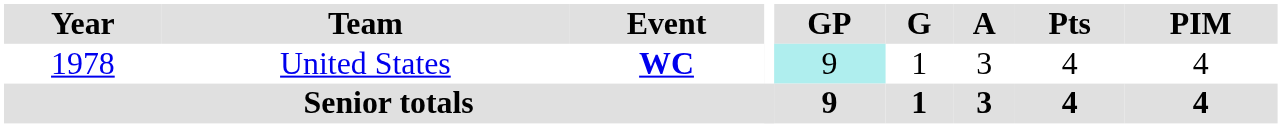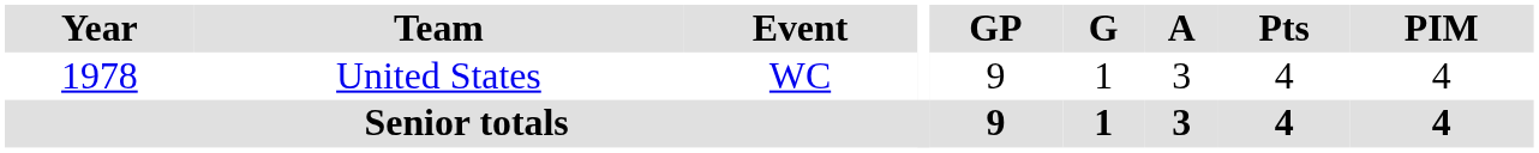 <table border="0" cellpadding="1" cellspacing="0" ID="Table3" style="text-align:center; width:40em">
 <tr bgcolor="#e0e0e0">
 <th>Year</th>
 <th>Team</th>
 <th>Event</th>
 <th rowspan="102" bgcolor="#ffffff"></th>
 <th>GP</th>
 <th>G</th>
 <th>A</th>
 <th>Pts</th>
 <th>PIM</th>
 </tr>
 <tr>
 <td><a href='#'>1978</a></td>
 <td><a href='#'>United States</a></td>
-<td><strong><a href='#'>WC</a></strong></td>
-<td style="background: paleturquoise;">9</td>
+<td><a href='#'>WC</a></td>
+<td>9</td>
 <td>1</td>
 <td>3</td>
 <td>4</td>
 <td>4</td>
 </tr>
 <tr bgcolor="#e0e0e0">
 <th colspan="4">Senior totals</th>
 <th>9</th>
 <th>1</th>
 <th>3</th>
 <th>4</th>
 <th>4</th>
 </tr>
 </table>
